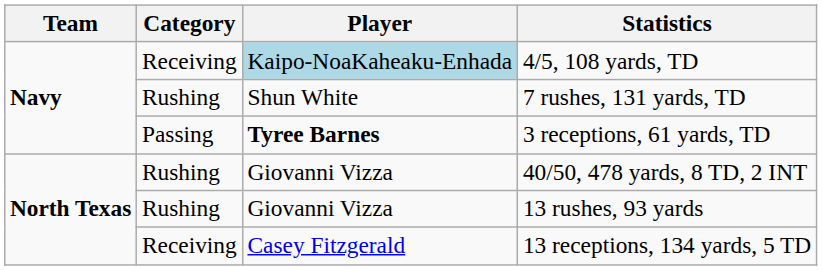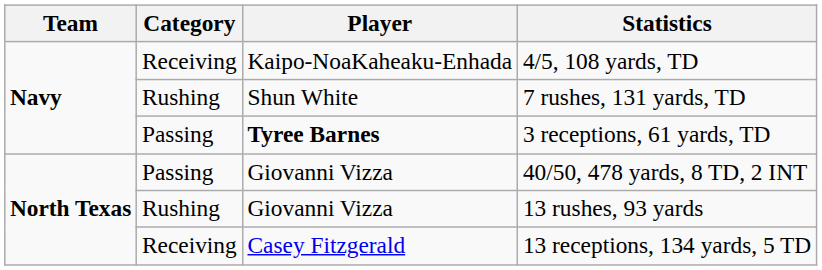 <table class="wikitable" style="float: right;">
 <tr>
 <th>Team</th>
 <th>Category</th>
 <th>Player</th>
 <th>Statistics</th>
 </tr>
 <tr>
 <td rowspan=3><strong>Navy</strong></td>
 <td>Receiving</td>
-<td style="background: lightblue;">Kaipo-NoaKaheaku-Enhada</td>
+<td>Kaipo-NoaKaheaku-Enhada</td>
 <td>4/5, 108 yards, TD</td>
 </tr>
 <tr>
 <td>Rushing</td>
 <td>Shun White</td>
 <td>7 rushes, 131 yards, TD</td>
 </tr>
 <tr>
 <td>Passing</td>
 <td><strong>Tyree Barnes</strong></td>
 <td>3 receptions, 61 yards, TD</td>
 </tr>
 <tr>
 <td rowspan=3><strong>North Texas</strong></td>
-<td>Rushing</td>
+<td>Passing</td>
 <td>Giovanni Vizza</td>
 <td>40/50, 478 yards, 8 TD, 2 INT</td>
 </tr>
 <tr>
 <td>Rushing</td>
 <td>Giovanni Vizza</td>
 <td>13 rushes, 93 yards</td>
 </tr>
 <tr>
 <td>Receiving</td>
 <td><a href='#'>Casey Fitzgerald</a></td>
 <td>13 receptions, 134 yards, 5 TD</td>
 </tr>
 </table>
